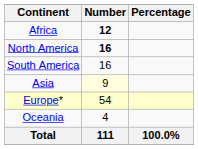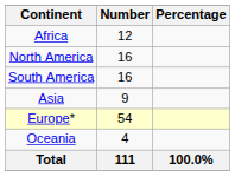 <table class="wikitable sortable" style="text-align:center">
 <tr>
 </tr>
 <tr>
 <th scope="col">Continent</th>
 <th scope="col">Number</th>
 <th scope="col">Percentage</th>
 </tr>
 <tr>
 <td scope="row"><a href='#'>Africa</a></td>
-<td><strong>12</strong></td>
+<td>12</td>
 <td></td>
 </tr>
 <tr>
 <td scope="row" data-sort-value="America, North"><a href='#'>North&nbsp;America</a></td>
-<td><strong>16</strong></td>
+<td>16</td>
 <td></td>
 </tr>
 <tr>
 <td scope="row" data-sort-value="America, South"><a href='#'>South&nbsp;America</a></td>
 <td>16</td>
 <td></td>
 </tr>
 <tr>
 <td scope="row"><a href='#'>Asia</a></td>
-<td style="background: lightyellow;">9</td>
+<td>9</td>
 <td></td>
 </tr>
 <tr style="background: #ffc">
 <td scope="row"><a href='#'>Europe</a>*</td>
 <td>54</td>
 <td></td>
 </tr>
 <tr>
 <td scope="row"><a href='#'>Oceania</a></td>
 <td>4</td>
 <td></td>
 </tr>
 <tr>
 <th scope="row">Total</th>
 <th>111</th>
 <th>100.0%</th>
 </tr>
 <tr>
 </tr>
 </table>
